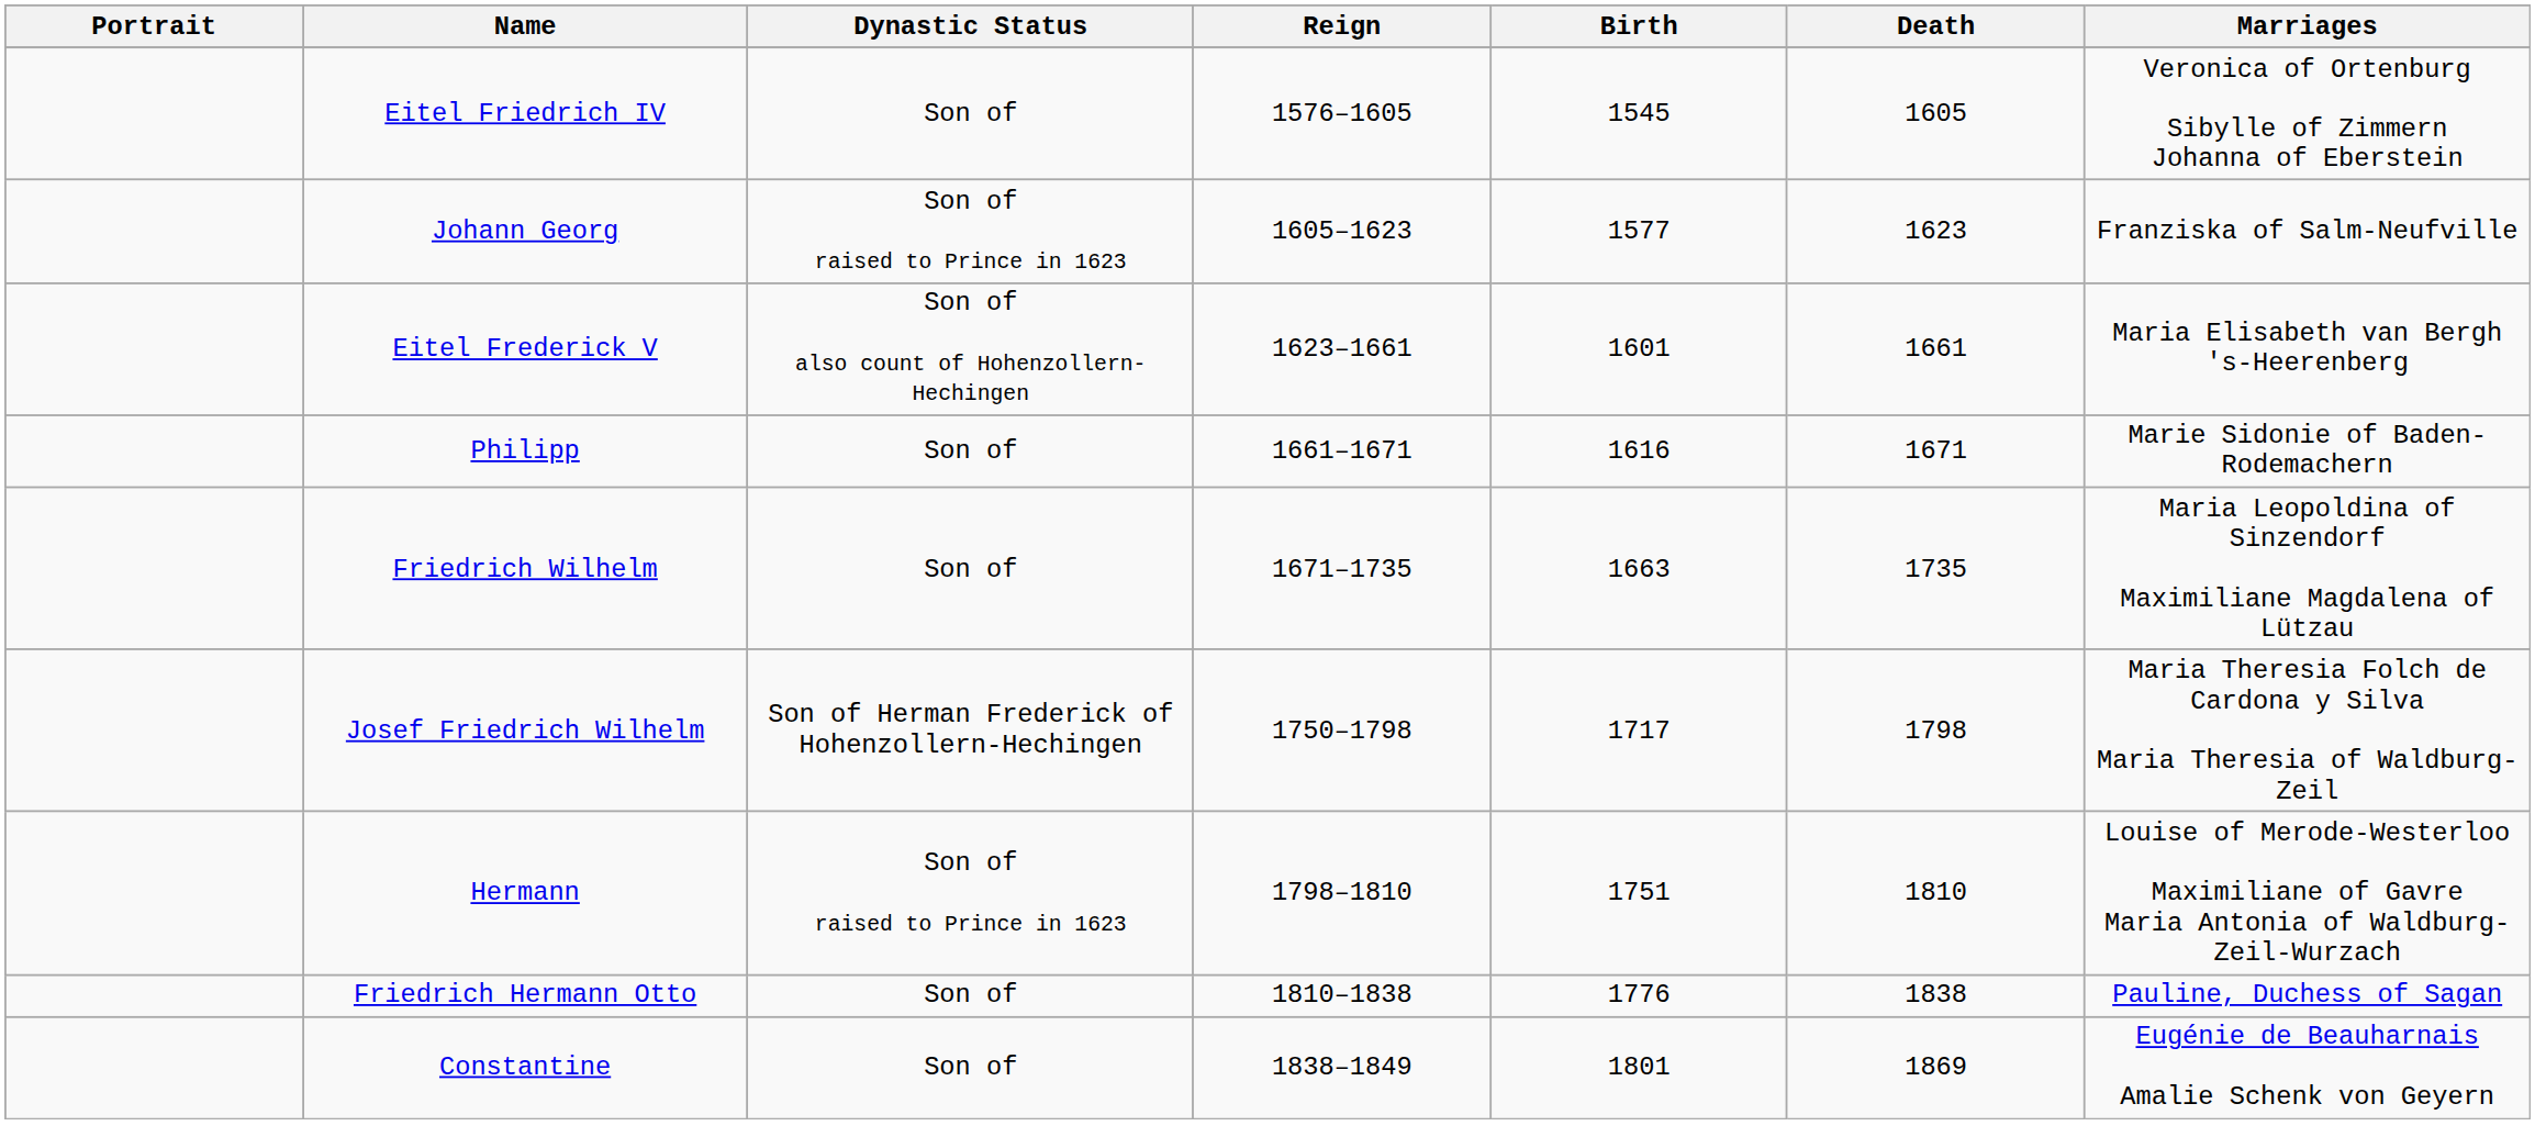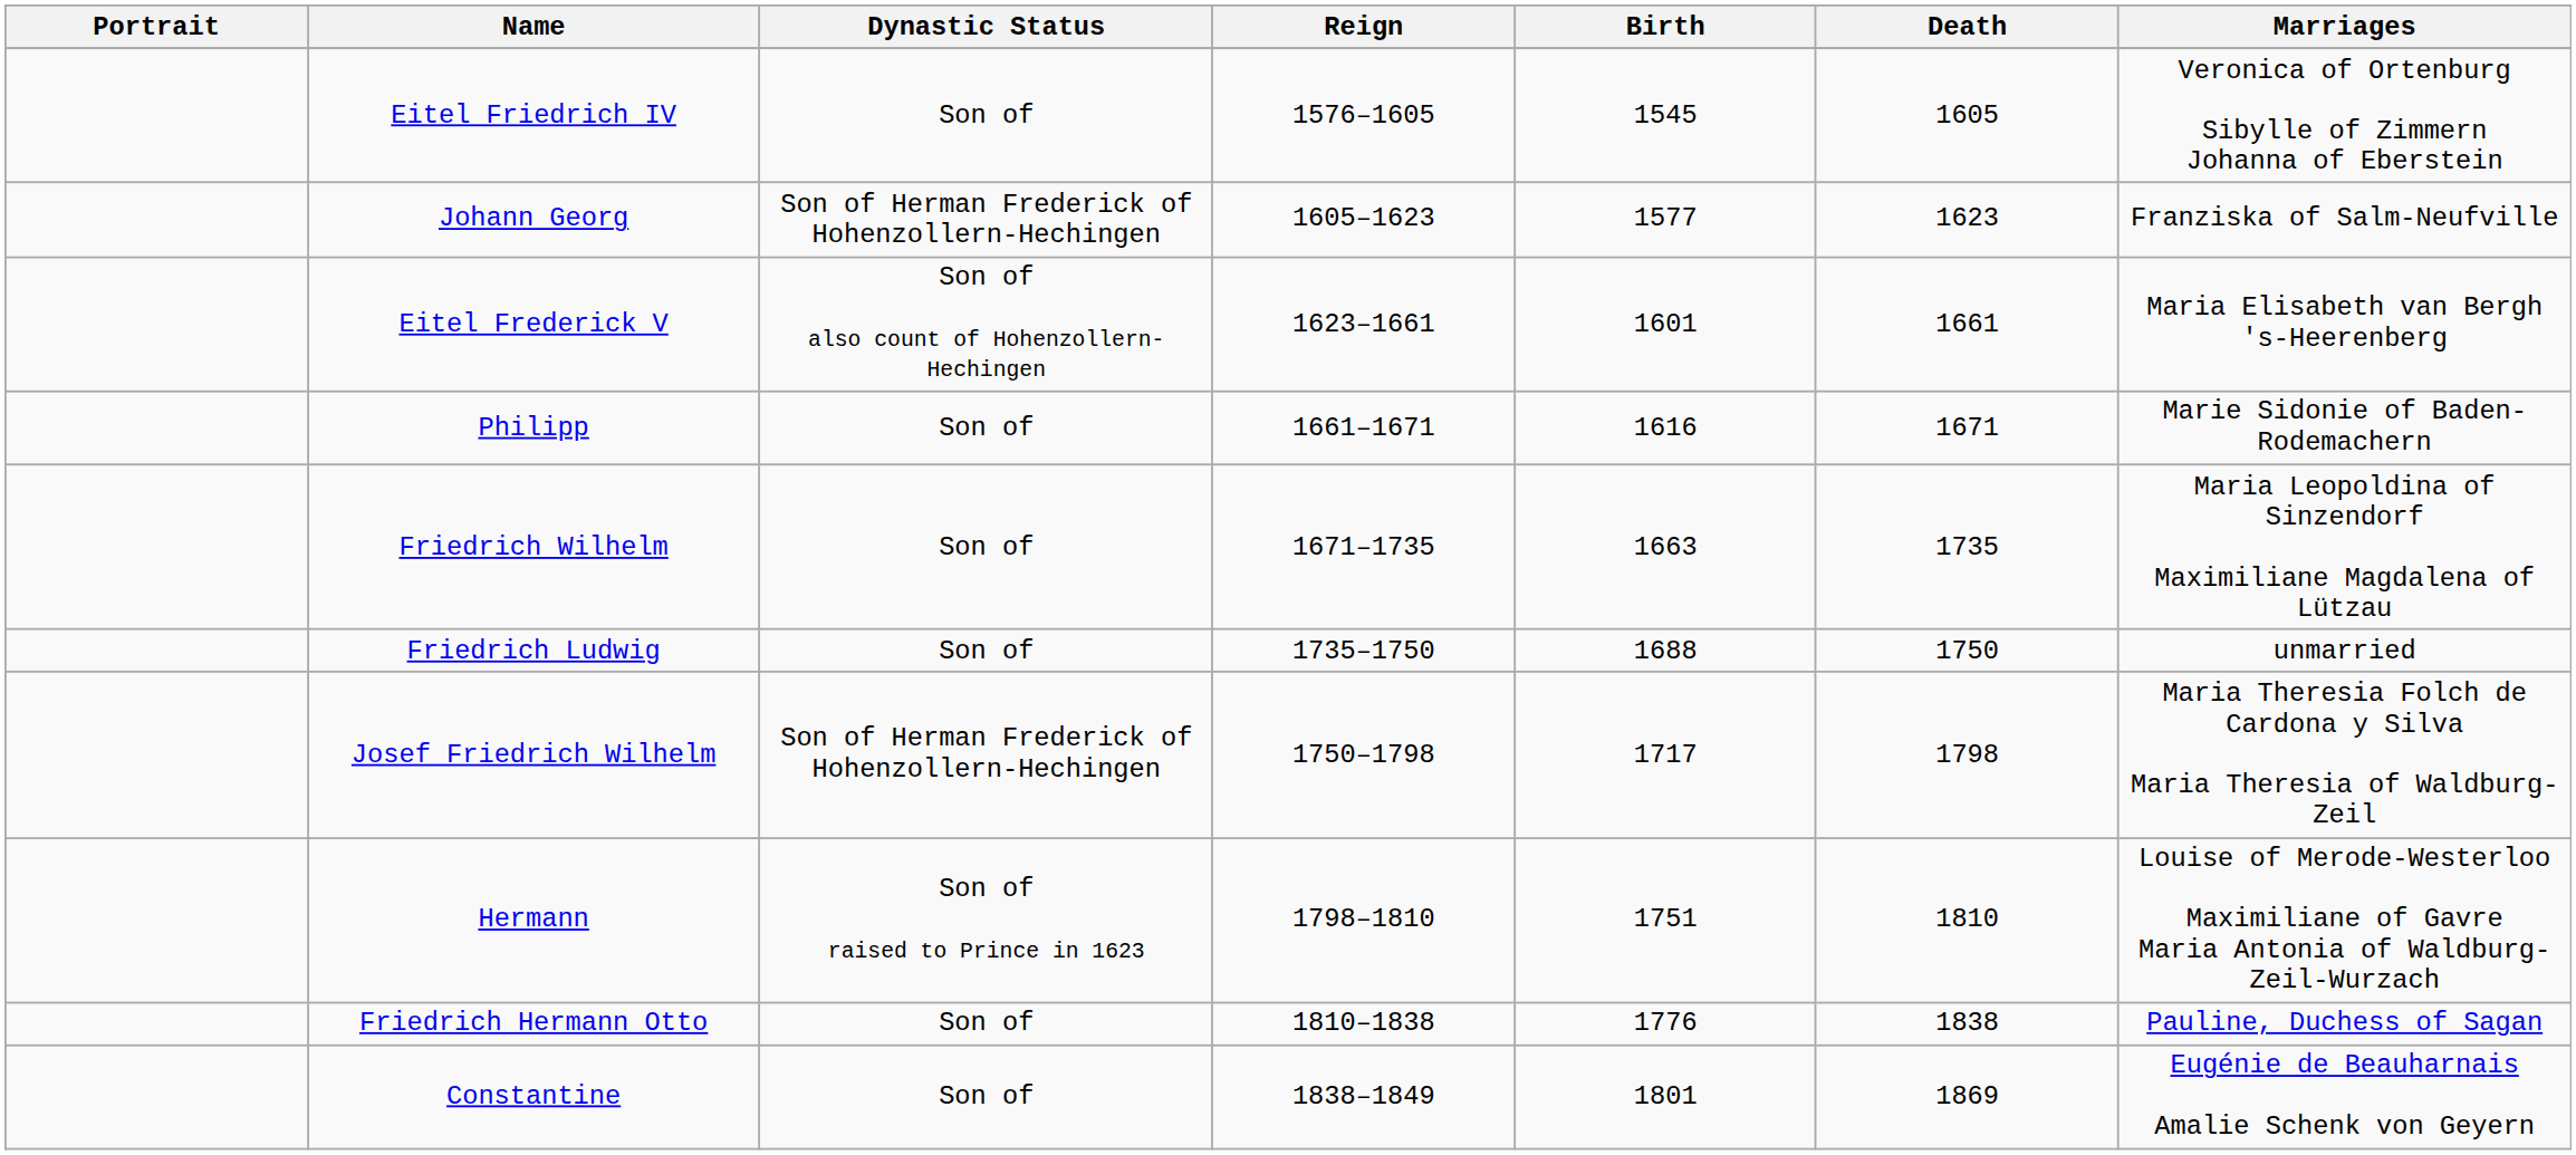 <table width=100% class="wikitable">
 <tr>
 <th width=10%>Portrait</th>
 <th width=15%>Name<br></th>
 <th width=15%>Dynastic Status</th>
 <th width=10%>Reign</th>
 <th width=10%>Birth</th>
 <th width=10%>Death</th>
 <th width=15%>Marriages</th>
 </tr>
 <tr>
 </tr>
 <tr>
 <td align="center"></td>
 <td align="center"><a href='#'>Eitel Friedrich IV</a></td>
 <td align="center">Son of</td>
 <td align="center">1576–1605</td>
 <td align="center">1545</td>
 <td align="center">1605</td>
 <td align="center">Veronica of Ortenburg<br><br>Sibylle of Zimmern<br> Johanna of Eberstein</td>
 </tr>
 <tr>
 <td align="center"></td>
 <td align="center"><a href='#'>Johann Georg</a></td>
-<td align="center">Son of<br><br><small>raised to Prince in 1623</small></td>
+<td align="center">Son of Herman Frederick of Hohenzollern-Hechingen</td>
 <td align="center">1605–1623</td>
 <td align="center">1577</td>
 <td align="center">1623</td>
 <td align="center">Franziska of Salm-Neufville</td>
 </tr>
 <tr>
 <td align="center"></td>
 <td align="center"><a href='#'>Eitel Frederick V</a></td>
 <td align="center">Son of<br><br><small>also count of Hohenzollern-Hechingen</small></td>
 <td align="center">1623–1661</td>
 <td align="center">1601</td>
 <td align="center">1661</td>
 <td align="center">Maria Elisabeth van Bergh 's-Heerenberg</td>
 </tr>
 <tr>
 <td align="center"></td>
 <td align="center"><a href='#'>Philipp</a></td>
 <td align="center">Son of</td>
 <td align="center">1661–1671</td>
 <td align="center">1616</td>
 <td align="center">1671</td>
 <td align="center">Marie Sidonie of Baden-Rodemachern</td>
 </tr>
 <tr>
 <td align="center"></td>
 <td align="center"><a href='#'>Friedrich Wilhelm</a></td>
 <td align="center">Son of</td>
 <td align="center">1671–1735</td>
 <td align="center">1663</td>
 <td align="center">1735</td>
 <td align="center">Maria Leopoldina of Sinzendorf<br><br>Maximiliane Magdalena of Lützau</td>
+</tr>
+<tr>
+<td align="center"></td>
+<td align="center"><a href='#'>Friedrich Ludwig</a></td>
+<td align="center">Son of</td>
+<td align="center">1735–1750</td>
+<td align="center">1688</td>
+<td align="center">1750</td>
+<td align="center">unmarried</td>
 </tr>
 <tr>
 <td align="center"></td>
 <td align="center"><a href='#'>Josef Friedrich Wilhelm</a></td>
 <td align="center">Son of Herman Frederick of Hohenzollern-Hechingen</td>
 <td align="center">1750–1798</td>
 <td align="center">1717</td>
 <td align="center">1798</td>
 <td align="center">Maria Theresia Folch de Cardona y Silva<br><br>Maria Theresia of Waldburg-Zeil</td>
 </tr>
 <tr>
 <td align="center"></td>
 <td align="center"><a href='#'>Hermann</a></td>
 <td align="center">Son of<br><br><small>raised to Prince in 1623</small></td>
 <td align="center">1798–1810</td>
 <td align="center">1751</td>
 <td align="center">1810</td>
 <td align="center">Louise of Merode-Westerloo<br><br>Maximiliane of Gavre<br> Maria Antonia of Waldburg-Zeil-Wurzach</td>
 </tr>
 <tr>
 <td align="center"></td>
 <td align="center"><a href='#'>Friedrich Hermann Otto</a></td>
 <td align="center">Son of</td>
 <td align="center">1810–1838</td>
 <td align="center">1776</td>
 <td align="center">1838</td>
 <td align="center"><a href='#'>Pauline, Duchess of Sagan</a></td>
 </tr>
 <tr>
 <td align="center"></td>
 <td align="center"><a href='#'>Constantine</a></td>
 <td align="center">Son of</td>
 <td align="center">1838–1849</td>
 <td align="center">1801</td>
 <td align="center">1869</td>
 <td align="center"><a href='#'>Eugénie de Beauharnais</a><br><br>Amalie Schenk von Geyern</td>
 </tr>
 </table>
